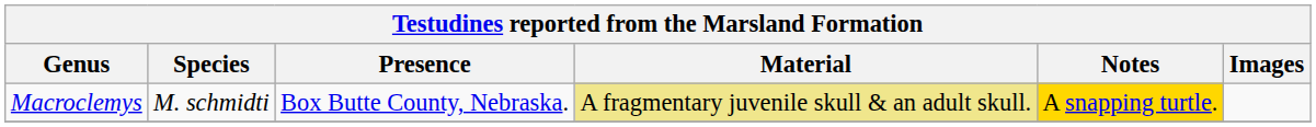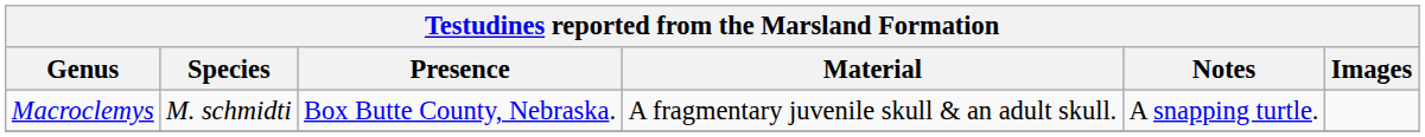 <table class="wikitable" align="center">
 <tr>
 <th colspan="6" align="center"><strong><a href='#'>Testudines</a> reported from the Marsland Formation</strong></th>
 </tr>
 <tr>
 <th>Genus</th>
 <th>Species</th>
 <th>Presence</th>
 <th><strong>Material</strong></th>
 <th>Notes</th>
 <th>Images</th>
 </tr>
 <tr>
 <td><em><a href='#'>Macroclemys</a></em></td>
 <td><em>M. schmidti</em></td>
 <td><a href='#'>Box Butte County, Nebraska</a>.</td>
-<td style="background: khaki;">A fragmentary juvenile skull & an adult skull.</td>
-<td style="background: gold;">A <a href='#'>snapping turtle</a>.</td>
+<td>A fragmentary juvenile skull & an adult skull.</td>
+<td>A <a href='#'>snapping turtle</a>.</td>
 <td></td>
 </tr>
 <tr>
 </tr>
 </table>
